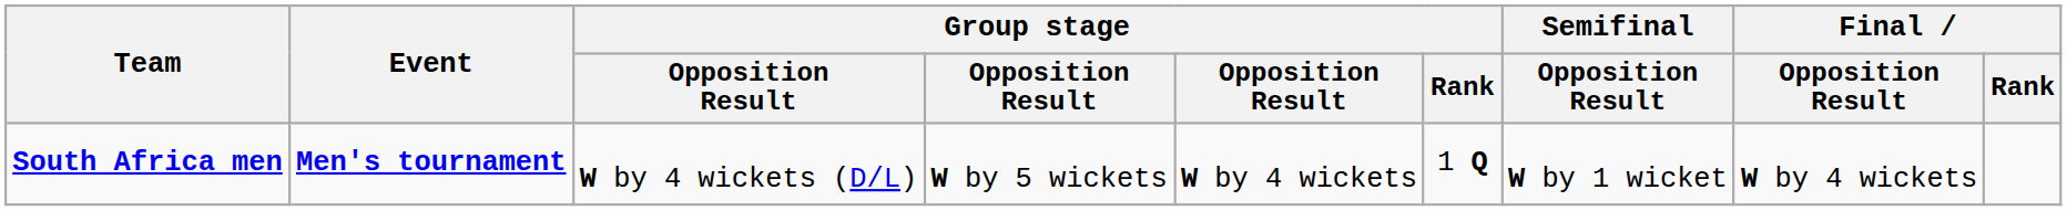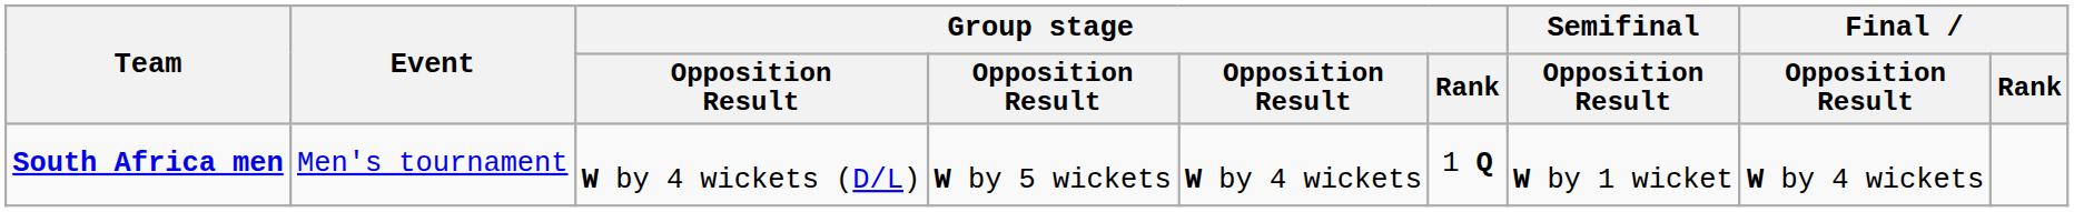 <table class=wikitable style=font-size:90%>
 <tr>
 <th rowspan=2>Team</th>
 <th rowspan=2>Event</th>
 <th colspan=4>Group stage</th>
 <th>Semifinal</th>
 <th colspan=2>Final / </th>
 </tr>
 <tr style=font-size:95%>
 <th>Opposition<br>Result</th>
 <th>Opposition<br>Result</th>
 <th>Opposition<br>Result</th>
 <th>Rank</th>
 <th>Opposition<br>Result</th>
 <th>Opposition<br>Result</th>
 <th>Rank</th>
 </tr>
 <tr align=center>
 <td align=left><strong><a href='#'>South Africa men</a></strong></td>
-<td align=left><strong><a href='#'>Men's tournament</a></strong></td>
+<td align=left><a href='#'>Men's tournament</a></td>
 <td><br> <strong>W</strong> by 4 wickets (<a href='#'>D/L</a>)</td>
 <td><br> <strong>W</strong> by 5 wickets</td>
 <td><br> <strong>W</strong> by 4 wickets</td>
 <td>1 <strong>Q</strong></td>
 <td><br> <strong>W</strong> by 1 wicket</td>
 <td><br> <strong>W</strong> by 4 wickets</td>
 <td></td>
 </tr>
 </table>
